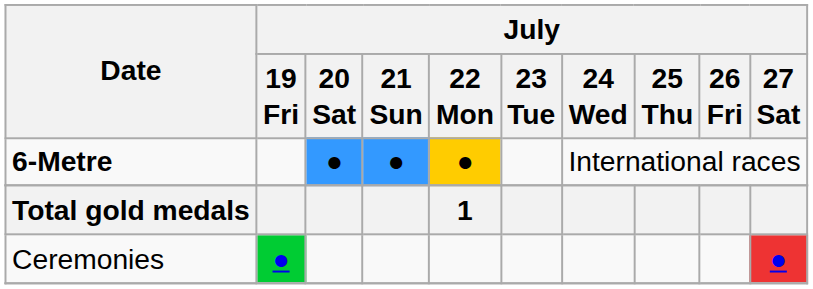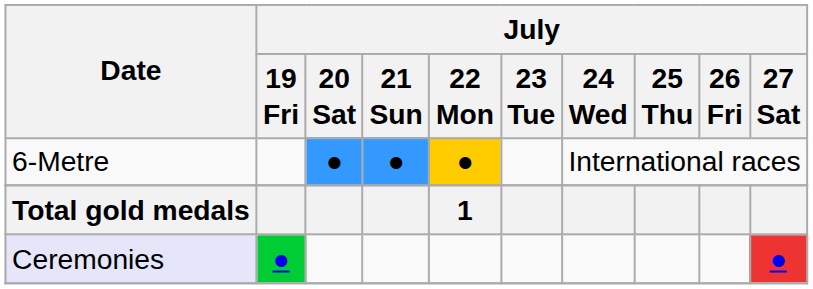 <table class="wikitable" style="margin:0.5em auto; font-size:90%; line-height:1.25em;">
 <tr>
 <th rowspan=2>Date</th>
 <th colspan=9>July</th>
 </tr>
 <tr>
 <th>19<br>Fri</th>
 <th>20<br>Sat</th>
 <th>21<br>Sun</th>
 <th>22<br>Mon</th>
 <th>23<br>Tue</th>
 <th>24<br>Wed</th>
 <th>25<br>Thu</th>
 <th>26<br>Fri</th>
 <th>27<br>Sat</th>
 </tr>
 <tr align="center">
-<td align="left"><strong>6-Metre</strong></td>
+<td align="left">6-Metre</td>
 <td></td>
 <td bgcolor=#3399ff><span>●</span></td>
 <td bgcolor=#3399ff><span>●</span></td>
 <td bgcolor=#ffcc00><span>●</span></td>
 <td></td>
 <td colspan=9>International races</td>
 </tr>
 <tr align="center">
 </tr>
 <tr>
 <th>Total gold medals</th>
 <th></th>
 <th></th>
 <th></th>
 <th>1</th>
 <th></th>
 <th></th>
 <th></th>
 <th></th>
 <th></th>
 </tr>
 <tr>
-<td>Ceremonies</td>
+<td style="background: lavender;">Ceremonies</td>
 <td bgcolor=#00cc33 align=center><a href='#'>●</a></td>
 <td></td>
 <td></td>
 <td></td>
 <td></td>
 <td></td>
 <td></td>
 <td></td>
 <td bgcolor=#ee3333 align=center><a href='#'>●</a></td>
 </tr>
 <tr>
 </tr>
 </table>
